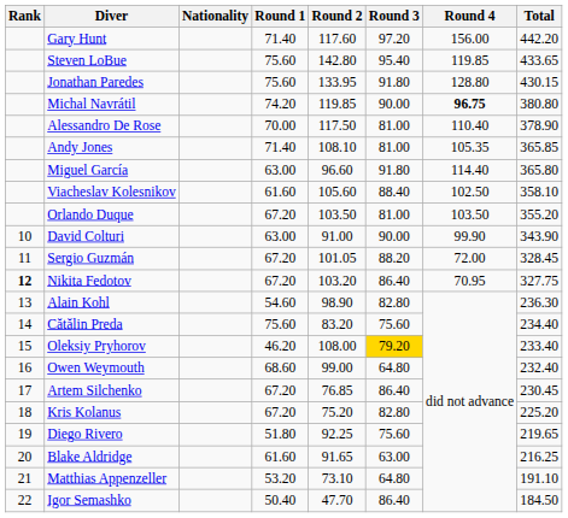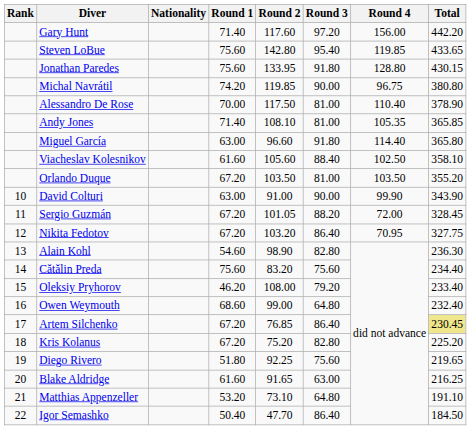 <table class="wikitable sortable" style="text-align:center">
 <tr>
 <th>Rank</th>
 <th>Diver</th>
 <th>Nationality</th>
 <th>Round 1</th>
 <th>Round 2</th>
 <th>Round 3</th>
 <th>Round 4</th>
 <th>Total</th>
 </tr>
 <tr>
 <td></td>
 <td align=left><a href='#'>Gary Hunt</a></td>
 <td align=left></td>
 <td>71.40</td>
 <td>117.60</td>
 <td>97.20</td>
 <td>156.00</td>
 <td>442.20</td>
 </tr>
 <tr>
 <td></td>
 <td align=left><a href='#'>Steven LoBue</a></td>
 <td align=left></td>
 <td>75.60</td>
 <td>142.80</td>
 <td>95.40</td>
 <td>119.85</td>
 <td>433.65</td>
 </tr>
 <tr>
 <td></td>
 <td align=left><a href='#'>Jonathan Paredes</a></td>
 <td align=left></td>
 <td>75.60</td>
 <td>133.95</td>
 <td>91.80</td>
 <td>128.80</td>
 <td>430.15</td>
 </tr>
 <tr>
 <td></td>
 <td align=left><a href='#'>Michal Navrátil</a></td>
 <td align=left></td>
 <td>74.20</td>
 <td>119.85</td>
 <td>90.00</td>
-<td><strong>96.75</strong></td>
+<td>96.75</td>
 <td>380.80</td>
 </tr>
 <tr>
 <td></td>
 <td align=left><a href='#'>Alessandro De Rose</a></td>
 <td align=left></td>
 <td>70.00</td>
 <td>117.50</td>
 <td>81.00</td>
 <td>110.40</td>
 <td>378.90</td>
 </tr>
 <tr>
 <td></td>
 <td align=left><a href='#'>Andy Jones</a></td>
 <td align=left></td>
 <td>71.40</td>
 <td>108.10</td>
 <td>81.00</td>
 <td>105.35</td>
 <td>365.85</td>
 </tr>
 <tr>
 <td></td>
 <td align=left><a href='#'>Miguel García</a></td>
 <td align=left></td>
 <td>63.00</td>
 <td>96.60</td>
 <td>91.80</td>
 <td>114.40</td>
 <td>365.80</td>
 </tr>
 <tr>
 <td></td>
 <td align=left><a href='#'>Viacheslav Kolesnikov</a></td>
 <td align=left></td>
 <td>61.60</td>
 <td>105.60</td>
 <td>88.40</td>
 <td>102.50</td>
 <td>358.10</td>
 </tr>
 <tr>
 <td></td>
 <td align=left><a href='#'>Orlando Duque</a></td>
 <td align=left></td>
 <td>67.20</td>
 <td>103.50</td>
 <td>81.00</td>
 <td>103.50</td>
 <td>355.20</td>
 </tr>
 <tr>
 <td>10</td>
 <td align=left><a href='#'>David Colturi</a></td>
 <td align=left></td>
 <td>63.00</td>
 <td>91.00</td>
 <td>90.00</td>
 <td>99.90</td>
 <td>343.90</td>
 </tr>
 <tr>
 <td>11</td>
 <td align=left><a href='#'>Sergio Guzmán</a></td>
 <td align=left></td>
 <td>67.20</td>
 <td>101.05</td>
 <td>88.20</td>
 <td>72.00</td>
 <td>328.45</td>
 </tr>
 <tr>
-<td><strong>12</strong></td>
+<td>12</td>
 <td align=left><a href='#'>Nikita Fedotov</a></td>
 <td align=left></td>
 <td>67.20</td>
 <td>103.20</td>
 <td>86.40</td>
 <td>70.95</td>
 <td>327.75</td>
 </tr>
 <tr>
 <td>13</td>
 <td align=left><a href='#'>Alain Kohl</a></td>
 <td align=left></td>
 <td>54.60</td>
 <td>98.90</td>
 <td>82.80</td>
 <td rowspan=10>did not advance</td>
 <td>236.30</td>
 </tr>
 <tr>
 <td>14</td>
 <td align=left><a href='#'>Cătălin Preda</a></td>
 <td align=left></td>
 <td>75.60</td>
 <td>83.20</td>
 <td>75.60</td>
 <td>234.40</td>
 </tr>
 <tr>
 <td>15</td>
 <td align=left><a href='#'>Oleksiy Pryhorov</a></td>
 <td align=left></td>
 <td>46.20</td>
 <td>108.00</td>
-<td style="background: gold;">79.20</td>
+<td>79.20</td>
 <td>233.40</td>
 </tr>
 <tr>
 <td>16</td>
 <td align=left><a href='#'>Owen Weymouth</a></td>
 <td align=left></td>
 <td>68.60</td>
 <td>99.00</td>
 <td>64.80</td>
 <td>232.40</td>
 </tr>
 <tr>
 <td>17</td>
 <td align=left><a href='#'>Artem Silchenko</a></td>
 <td align=left></td>
 <td>67.20</td>
 <td>76.85</td>
 <td>86.40</td>
-<td>230.45</td>
+<td style="background: khaki;">230.45</td>
 </tr>
 <tr>
 <td>18</td>
 <td align=left><a href='#'>Kris Kolanus</a></td>
 <td align=left></td>
 <td>67.20</td>
 <td>75.20</td>
 <td>82.80</td>
 <td>225.20</td>
 </tr>
 <tr>
 <td>19</td>
 <td align=left><a href='#'>Diego Rivero</a></td>
 <td align=left></td>
 <td>51.80</td>
 <td>92.25</td>
 <td>75.60</td>
 <td>219.65</td>
 </tr>
 <tr>
 <td>20</td>
 <td align=left><a href='#'>Blake Aldridge</a></td>
 <td align=left></td>
 <td>61.60</td>
 <td>91.65</td>
 <td>63.00</td>
 <td>216.25</td>
 </tr>
 <tr>
 <td>21</td>
 <td align=left><a href='#'>Matthias Appenzeller</a></td>
 <td align=left></td>
 <td>53.20</td>
 <td>73.10</td>
 <td>64.80</td>
 <td>191.10</td>
 </tr>
 <tr>
 <td>22</td>
 <td align=left><a href='#'>Igor Semashko</a></td>
 <td align=left></td>
 <td>50.40</td>
 <td>47.70</td>
 <td>86.40</td>
 <td>184.50</td>
 </tr>
 </table>
